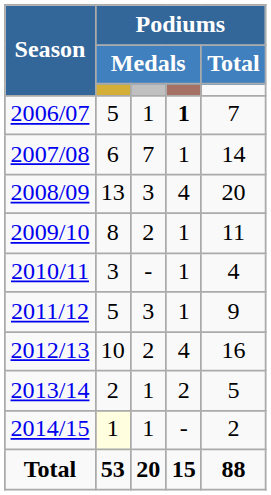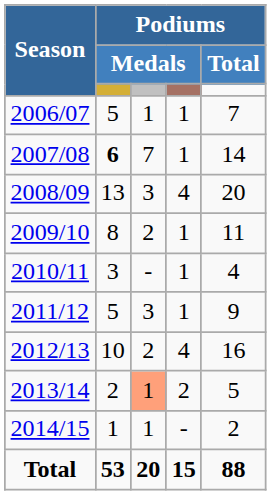 <table class="wikitable" style="font-size:86%; text-align:center; border:gray solid 1px; border-collapse:collapse;" width="20%">
 <tr style="background-color:#369; color:white;">
 <td rowspan="3" colspan="1" width="12%"><strong>Season</strong></td>
 <td colspan="10"><strong>Podiums</strong></td>
 </tr>
 <tr style="background-color:#4180be; color:white;">
 <th style="background:#4180be;" width="100" colspan="3">Medals</th>
 <th style="background:#4180be;" width="50" colspan="4">Total</th>
 </tr>
 <tr>
 <td align="center" bgcolor="#d4af37"></td>
 <td align="center" bgcolor="silver"></td>
 <td align="center" bgcolor="#a57164"></td>
 <td></td>
 </tr>
 <tr>
 <td><a href='#'>2006/07</a></td>
 <td>5</td>
 <td>1</td>
-<td><strong>1</strong></td>
+<td>1</td>
 <td>7</td>
 </tr>
 <tr>
 <td><a href='#'>2007/08</a></td>
-<td>6</td>
+<td><strong>6</strong></td>
 <td>7</td>
 <td>1</td>
 <td>14</td>
 </tr>
 <tr>
 <td><a href='#'>2008/09</a></td>
 <td>13</td>
 <td>3</td>
 <td>4</td>
 <td>20</td>
 </tr>
 <tr>
 <td><a href='#'>2009/10</a></td>
 <td>8</td>
 <td>2</td>
 <td>1</td>
 <td>11</td>
 </tr>
 <tr>
 <td><a href='#'>2010/11</a></td>
 <td>3</td>
 <td>-</td>
 <td>1</td>
 <td>4</td>
 </tr>
 <tr>
 <td><a href='#'>2011/12</a></td>
 <td>5</td>
 <td>3</td>
 <td>1</td>
 <td>9</td>
 </tr>
 <tr>
 <td><a href='#'>2012/13</a></td>
 <td>10</td>
 <td>2</td>
 <td>4</td>
 <td>16</td>
 </tr>
 <tr>
 <td><a href='#'>2013/14</a></td>
 <td>2</td>
-<td>1</td>
+<td style="background: lightsalmon;">1</td>
 <td>2</td>
 <td>5</td>
 </tr>
 <tr>
 <td><a href='#'>2014/15</a></td>
-<td style="background: lightyellow;">1</td>
+<td>1</td>
 <td>1</td>
 <td>-</td>
 <td>2</td>
 </tr>
 <tr>
 <td><strong>Total</strong></td>
 <td><strong>53</strong></td>
 <td><strong>20</strong></td>
 <td><strong>15</strong></td>
 <td><strong>88</strong></td>
 </tr>
 </table>
